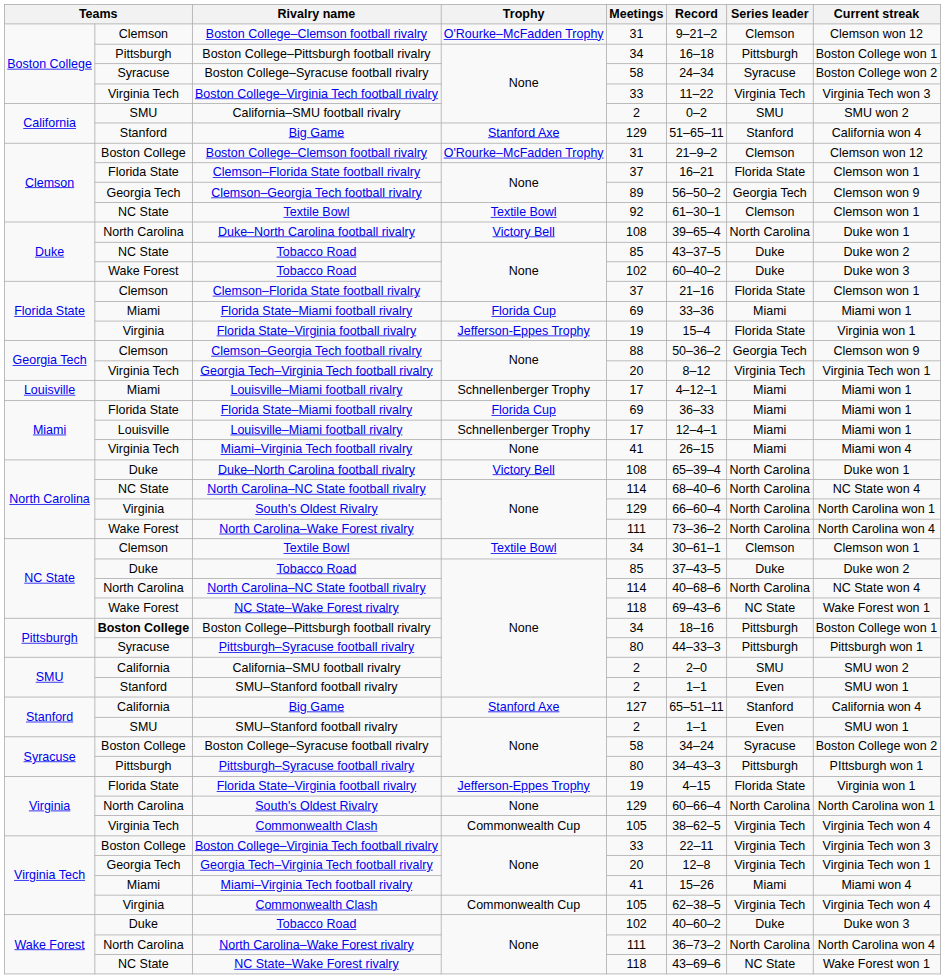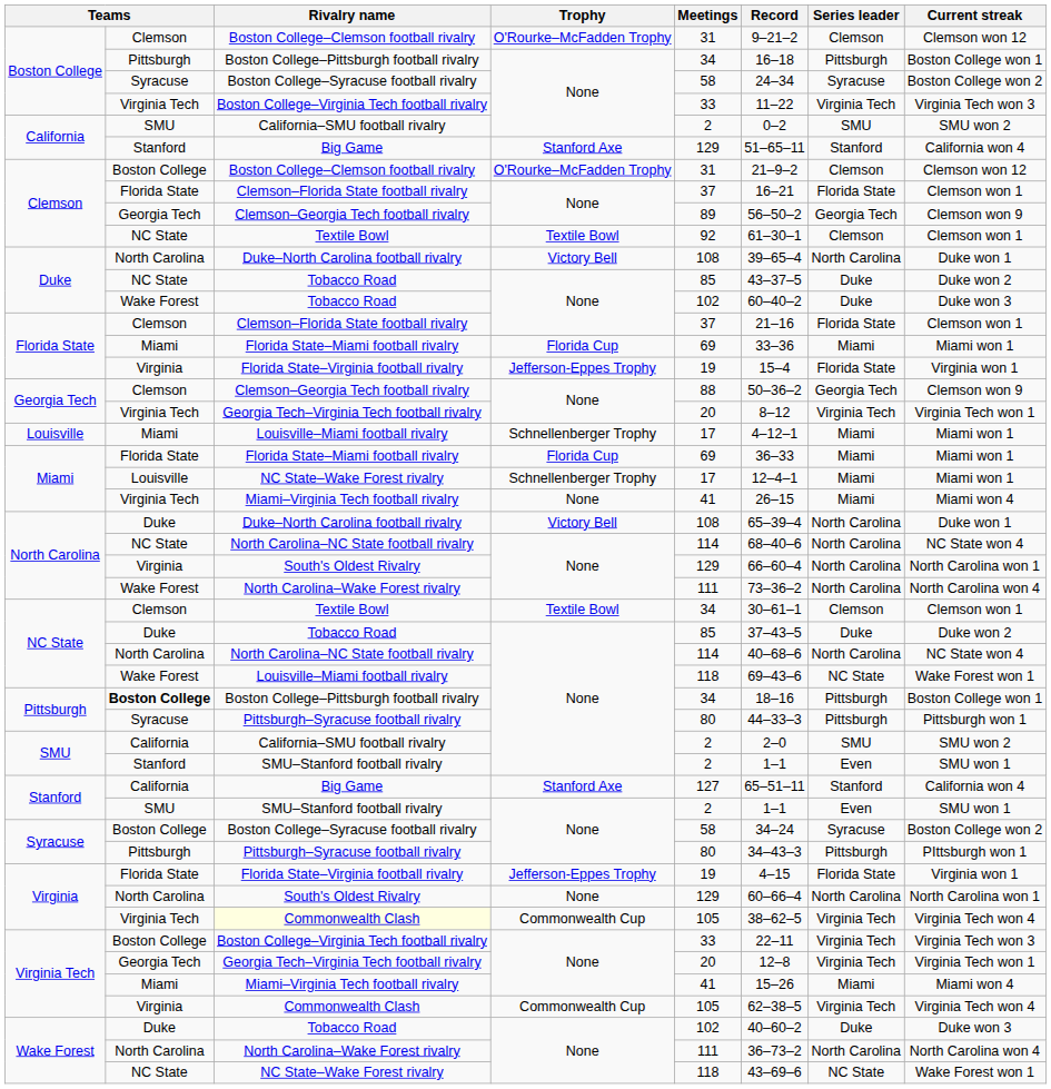 <table class="wikitable" style="text-align: center">
 <tr>
 <th colspan="2" scope="col">Teams</th>
 <th scope="col">Rivalry name</th>
 <th scope="col">Trophy</th>
 <th scope="col">Meetings</th>
 <th scope="col">Record</th>
 <th scope="col">Series leader</th>
 <th scope="col">Current streak</th>
 </tr>
 <tr>
 <td rowspan="4"><a href='#'>Boston College</a></td>
 <td>Clemson</td>
 <td><a href='#'>Boston College–Clemson football rivalry</a></td>
 <td><a href='#'>O'Rourke–McFadden Trophy</a></td>
 <td>31</td>
 <td>9–21–2</td>
 <td>Clemson</td>
 <td>Clemson won 12</td>
 </tr>
 <tr>
 <td>Pittsburgh</td>
 <td>Boston College–Pittsburgh football rivalry</td>
 <td rowspan="4">None</td>
 <td>34</td>
 <td>16–18</td>
 <td>Pittsburgh</td>
 <td>Boston College won 1</td>
 </tr>
 <tr>
 <td>Syracuse</td>
 <td>Boston College–Syracuse football rivalry</td>
 <td>58</td>
 <td>24–34</td>
 <td>Syracuse</td>
 <td>Boston College won 2</td>
 </tr>
 <tr>
 <td>Virginia Tech</td>
 <td><a href='#'>Boston College–Virginia Tech football rivalry</a></td>
 <td>33</td>
 <td>11–22</td>
 <td>Virginia Tech</td>
 <td>Virginia Tech won 3</td>
 </tr>
 <tr>
 <td rowspan="2"><a href='#'>California</a></td>
 <td>SMU</td>
 <td>California–SMU football rivalry</td>
 <td>2</td>
 <td>0–2</td>
 <td>SMU</td>
 <td>SMU won 2</td>
 </tr>
 <tr>
 <td>Stanford</td>
 <td><a href='#'>Big Game</a></td>
 <td><a href='#'>Stanford Axe</a></td>
 <td>129</td>
 <td>51–65–11</td>
 <td>Stanford</td>
 <td>California won 4</td>
 </tr>
 <tr>
 <td rowspan="4"><a href='#'>Clemson</a></td>
 <td>Boston College</td>
 <td><a href='#'>Boston College–Clemson football rivalry</a></td>
 <td><a href='#'>O'Rourke–McFadden Trophy</a></td>
 <td>31</td>
 <td>21–9–2</td>
 <td>Clemson</td>
 <td>Clemson won 12</td>
 </tr>
 <tr>
 <td>Florida State</td>
 <td><a href='#'>Clemson–Florida State football rivalry</a></td>
 <td rowspan="2">None</td>
 <td>37</td>
 <td>16–21</td>
 <td>Florida State</td>
 <td>Clemson won 1</td>
 </tr>
 <tr>
 <td>Georgia Tech</td>
 <td><a href='#'>Clemson–Georgia Tech football rivalry</a></td>
 <td>89</td>
 <td>56–50–2</td>
 <td>Georgia Tech</td>
 <td>Clemson won 9</td>
 </tr>
 <tr>
 <td>NC State</td>
 <td><a href='#'>Textile Bowl</a></td>
 <td><a href='#'>Textile Bowl</a></td>
 <td>92</td>
 <td>61–30–1</td>
 <td>Clemson</td>
 <td>Clemson won 1</td>
 </tr>
 <tr>
 <td rowspan="3"><a href='#'>Duke</a></td>
 <td>North Carolina</td>
 <td><a href='#'>Duke–North Carolina football rivalry</a></td>
 <td><a href='#'>Victory Bell</a></td>
 <td>108</td>
 <td>39–65–4</td>
 <td>North Carolina</td>
 <td>Duke won 1</td>
 </tr>
 <tr>
 <td>NC State</td>
 <td><a href='#'>Tobacco Road</a></td>
 <td rowspan="3">None</td>
 <td>85</td>
 <td>43–37–5</td>
 <td>Duke</td>
 <td>Duke won 2</td>
 </tr>
 <tr>
 <td>Wake Forest</td>
 <td><a href='#'>Tobacco Road</a></td>
 <td>102</td>
 <td>60–40–2</td>
 <td>Duke</td>
 <td>Duke won 3</td>
 </tr>
 <tr>
 <td rowspan="3"><a href='#'>Florida State</a></td>
 <td>Clemson</td>
 <td><a href='#'>Clemson–Florida State football rivalry</a></td>
 <td>37</td>
 <td>21–16</td>
 <td>Florida State</td>
 <td>Clemson won 1</td>
 </tr>
 <tr>
 <td>Miami</td>
 <td><a href='#'>Florida State–Miami football rivalry</a></td>
 <td><a href='#'>Florida Cup</a></td>
 <td>69</td>
 <td>33–36</td>
 <td>Miami</td>
 <td>Miami won 1</td>
 </tr>
 <tr>
 <td>Virginia</td>
 <td><a href='#'>Florida State–Virginia football rivalry</a></td>
 <td><a href='#'>Jefferson-Eppes Trophy</a></td>
 <td>19</td>
 <td>15–4</td>
 <td>Florida State</td>
 <td>Virginia won 1</td>
 </tr>
 <tr>
 <td rowspan="2"><a href='#'>Georgia Tech</a></td>
 <td>Clemson</td>
 <td><a href='#'>Clemson–Georgia Tech football rivalry</a></td>
 <td rowspan="2">None</td>
 <td>88</td>
 <td>50–36–2</td>
 <td>Georgia Tech</td>
 <td>Clemson won 9</td>
 </tr>
 <tr>
 <td>Virginia Tech</td>
 <td><a href='#'>Georgia Tech–Virginia Tech football rivalry</a></td>
 <td>20</td>
 <td>8–12</td>
 <td>Virginia Tech</td>
 <td>Virginia Tech won 1</td>
 </tr>
 <tr>
 <td><a href='#'>Louisville</a></td>
 <td>Miami</td>
 <td><a href='#'>Louisville–Miami football rivalry</a></td>
 <td>Schnellenberger Trophy</td>
 <td>17</td>
 <td>4–12–1</td>
 <td>Miami</td>
 <td>Miami won 1</td>
 </tr>
 <tr>
 <td rowspan="3"><a href='#'>Miami</a></td>
 <td>Florida State</td>
 <td><a href='#'>Florida State–Miami football rivalry</a></td>
 <td><a href='#'>Florida Cup</a></td>
 <td>69</td>
 <td>36–33</td>
 <td>Miami</td>
 <td>Miami won 1</td>
 </tr>
 <tr>
 <td>Louisville</td>
-<td><a href='#'>Louisville–Miami football rivalry</a></td>
+<td><a href='#'>NC State–Wake Forest rivalry</a></td>
 <td>Schnellenberger Trophy</td>
 <td>17</td>
 <td>12–4–1</td>
 <td>Miami</td>
 <td>Miami won 1</td>
 </tr>
 <tr>
 <td>Virginia Tech</td>
 <td><a href='#'>Miami–Virginia Tech football rivalry</a></td>
 <td>None</td>
 <td>41</td>
 <td>26–15</td>
 <td>Miami</td>
 <td>Miami won 4</td>
 </tr>
 <tr>
 <td rowspan="4"><a href='#'>North Carolina</a></td>
 <td>Duke</td>
 <td><a href='#'>Duke–North Carolina football rivalry</a></td>
 <td><a href='#'>Victory Bell</a></td>
 <td>108</td>
 <td>65–39–4</td>
 <td>North Carolina</td>
 <td>Duke won 1</td>
 </tr>
 <tr>
 <td>NC State</td>
 <td><a href='#'>North Carolina–NC State football rivalry</a></td>
 <td rowspan="3">None</td>
 <td>114</td>
 <td>68–40–6</td>
 <td>North Carolina</td>
 <td>NC State won 4</td>
 </tr>
 <tr>
 <td>Virginia</td>
 <td><a href='#'>South's Oldest Rivalry</a></td>
 <td>129</td>
 <td>66–60–4</td>
 <td>North Carolina</td>
 <td>North Carolina won 1</td>
 </tr>
 <tr>
 <td>Wake Forest</td>
 <td><a href='#'>North Carolina–Wake Forest rivalry</a></td>
 <td>111</td>
 <td>73–36–2</td>
 <td>North Carolina</td>
 <td>North Carolina won 4</td>
 </tr>
 <tr>
 <td rowspan="4"><a href='#'>NC State</a></td>
 <td>Clemson</td>
 <td><a href='#'>Textile Bowl</a></td>
 <td><a href='#'>Textile Bowl</a></td>
 <td>34</td>
 <td>30–61–1</td>
 <td>Clemson</td>
 <td>Clemson won 1</td>
 </tr>
 <tr>
 <td>Duke</td>
 <td><a href='#'>Tobacco Road</a></td>
 <td rowspan="7">None</td>
 <td>85</td>
 <td>37–43–5</td>
 <td>Duke</td>
 <td>Duke won 2</td>
 </tr>
 <tr>
 <td>North Carolina</td>
 <td><a href='#'>North Carolina–NC State football rivalry</a></td>
 <td>114</td>
 <td>40–68–6</td>
 <td>North Carolina</td>
 <td>NC State won 4</td>
 </tr>
 <tr>
 <td>Wake Forest</td>
-<td><a href='#'>NC State–Wake Forest rivalry</a></td>
+<td><a href='#'>Louisville–Miami football rivalry</a></td>
 <td>118</td>
 <td>69–43–6</td>
 <td>NC State</td>
 <td>Wake Forest won 1</td>
 </tr>
 <tr>
 <td rowspan="2"><a href='#'>Pittsburgh</a></td>
 <td><strong>Boston College</strong></td>
 <td>Boston College–Pittsburgh football rivalry</td>
 <td>34</td>
 <td>18–16</td>
 <td>Pittsburgh</td>
 <td>Boston College won 1</td>
 </tr>
 <tr>
 <td>Syracuse</td>
 <td><a href='#'>Pittsburgh–Syracuse football rivalry</a></td>
 <td>80</td>
 <td>44–33–3</td>
 <td>Pittsburgh</td>
 <td>Pittsburgh won 1</td>
 </tr>
 <tr>
 <td rowspan="2"><a href='#'>SMU</a></td>
 <td>California</td>
 <td>California–SMU football rivalry</td>
 <td>2</td>
 <td>2–0</td>
 <td>SMU</td>
 <td>SMU won 2</td>
 </tr>
 <tr>
 <td>Stanford</td>
 <td>SMU–Stanford football rivalry</td>
 <td>2</td>
 <td>1–1</td>
 <td>Even</td>
 <td>SMU won 1</td>
 </tr>
 <tr>
 <td rowspan="2"><a href='#'>Stanford</a></td>
 <td>California</td>
 <td><a href='#'>Big Game</a></td>
 <td><a href='#'>Stanford Axe</a></td>
 <td>127</td>
 <td>65–51–11</td>
 <td>Stanford</td>
 <td>California won 4</td>
 </tr>
 <tr>
 <td>SMU</td>
 <td>SMU–Stanford football rivalry</td>
 <td rowspan="3">None</td>
 <td>2</td>
 <td>1–1</td>
 <td>Even</td>
 <td>SMU won 1</td>
 </tr>
 <tr>
 <td rowspan="2"><a href='#'>Syracuse</a></td>
 <td>Boston College</td>
 <td>Boston College–Syracuse football rivalry</td>
 <td>58</td>
 <td>34–24</td>
 <td>Syracuse</td>
 <td>Boston College won 2</td>
 </tr>
 <tr>
 <td>Pittsburgh</td>
 <td><a href='#'>Pittsburgh–Syracuse football rivalry</a></td>
 <td>80</td>
 <td>34–43–3</td>
 <td>Pittsburgh</td>
 <td>PIttsburgh won 1</td>
 </tr>
 <tr>
 <td rowspan="3"><a href='#'>Virginia</a></td>
 <td>Florida State</td>
 <td><a href='#'>Florida State–Virginia football rivalry</a></td>
 <td><a href='#'>Jefferson-Eppes Trophy</a></td>
 <td>19</td>
 <td>4–15</td>
 <td>Florida State</td>
 <td>Virginia won 1</td>
 </tr>
 <tr>
 <td>North Carolina</td>
 <td><a href='#'>South's Oldest Rivalry</a></td>
 <td>None</td>
 <td>129</td>
 <td>60–66–4</td>
 <td>North Carolina</td>
 <td>North Carolina won 1</td>
 </tr>
 <tr>
 <td>Virginia Tech</td>
-<td><a href='#'>Commonwealth Clash</a></td>
+<td style="background: lightyellow;"><a href='#'>Commonwealth Clash</a></td>
 <td>Commonwealth Cup</td>
 <td>105</td>
 <td>38–62–5</td>
 <td>Virginia Tech</td>
 <td>Virginia Tech won 4</td>
 </tr>
 <tr>
 <td rowspan="4"><a href='#'>Virginia Tech</a></td>
 <td>Boston College</td>
 <td><a href='#'>Boston College–Virginia Tech football rivalry</a></td>
 <td rowspan="3">None</td>
 <td>33</td>
 <td>22–11</td>
 <td>Virginia Tech</td>
 <td>Virginia Tech won 3</td>
 </tr>
 <tr>
 <td>Georgia Tech</td>
 <td><a href='#'>Georgia Tech–Virginia Tech football rivalry</a></td>
 <td>20</td>
 <td>12–8</td>
 <td>Virginia Tech</td>
 <td>Virginia Tech won 1</td>
 </tr>
 <tr>
 <td>Miami</td>
 <td><a href='#'>Miami–Virginia Tech football rivalry</a></td>
 <td>41</td>
 <td>15–26</td>
 <td>Miami</td>
 <td>Miami won 4</td>
 </tr>
 <tr>
 <td>Virginia</td>
 <td><a href='#'>Commonwealth Clash</a></td>
 <td>Commonwealth Cup</td>
 <td>105</td>
 <td>62–38–5</td>
 <td>Virginia Tech</td>
 <td>Virginia Tech won 4</td>
 </tr>
 <tr>
 <td rowspan="3"><a href='#'>Wake Forest</a></td>
 <td>Duke</td>
 <td><a href='#'>Tobacco Road</a></td>
 <td rowspan="3">None</td>
 <td>102</td>
 <td>40–60–2</td>
 <td>Duke</td>
 <td>Duke won 3</td>
 </tr>
 <tr>
 <td>North Carolina</td>
 <td><a href='#'>North Carolina–Wake Forest rivalry</a></td>
 <td>111</td>
 <td>36–73–2</td>
 <td>North Carolina</td>
 <td>North Carolina won 4</td>
 </tr>
 <tr>
 <td>NC State</td>
 <td><a href='#'>NC State–Wake Forest rivalry</a></td>
 <td>118</td>
 <td>43–69–6</td>
 <td>NC State</td>
 <td>Wake Forest won 1</td>
 </tr>
 </table>
